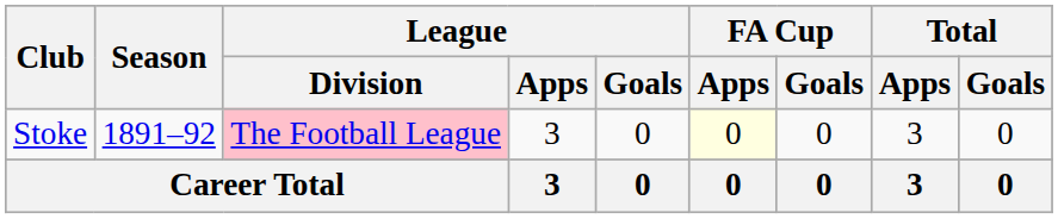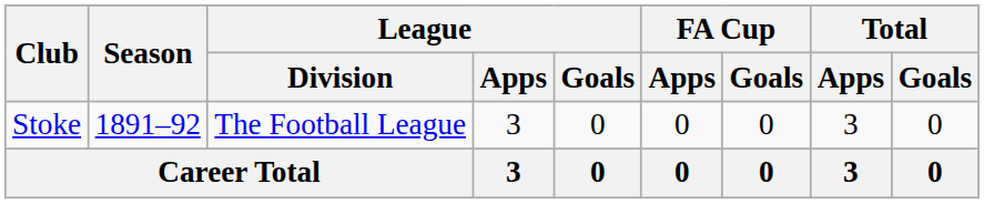 <table class="wikitable" style="text-align: center;">
 <tr>
 <th rowspan="2">Club</th>
 <th rowspan="2">Season</th>
 <th colspan="3">League</th>
 <th colspan="2">FA Cup</th>
 <th colspan="2">Total</th>
 </tr>
 <tr>
 <th>Division</th>
 <th>Apps</th>
 <th>Goals</th>
 <th>Apps</th>
 <th>Goals</th>
 <th>Apps</th>
 <th>Goals</th>
 </tr>
 <tr>
 <td><a href='#'>Stoke</a></td>
 <td><a href='#'>1891–92</a></td>
-<td style="background: pink;"><a href='#'>The Football League</a></td>
+<td><a href='#'>The Football League</a></td>
 <td>3</td>
 <td>0</td>
-<td style="background: lightyellow;">0</td>
+<td>0</td>
 <td>0</td>
 <td>3</td>
 <td>0</td>
 </tr>
 <tr>
 <th colspan="3">Career Total</th>
 <th>3</th>
 <th>0</th>
 <th>0</th>
 <th>0</th>
 <th>3</th>
 <th>0</th>
 </tr>
 </table>
